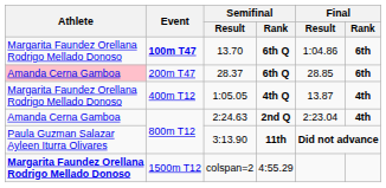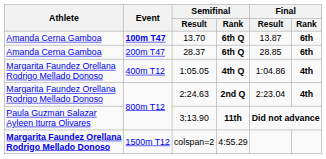 <table class=wikitable style="font-size:90%">
 <tr>
 <th rowspan="2">Athlete</th>
 <th rowspan="2">Event</th>
 <th colspan="2">Semifinal</th>
 <th colspan="2">Final</th>
 </tr>
 <tr style="font-size:95%">
 <th>Result</th>
 <th>Rank</th>
 <th>Result</th>
 <th>Rank</th>
 </tr>
 <tr align=center>
-<td align=left><a href='#'>Margarita Faundez Orellana</a><br><a href='#'>Rodrigo Mellado Donoso</a></td>
+<td align=left><a href='#'>Amanda Cerna Gamboa</a></td>
 <td align=left><strong><a href='#'>100m T47</a></strong></td>
 <td>13.70</td>
 <td><strong>6th Q</strong></td>
-<td>1:04.86</td>
+<td>13.87</td>
 <td><strong>6th</strong></td>
 </tr>
 <tr align=center>
-<td align=left style="background: pink;"><a href='#'>Amanda Cerna Gamboa</a></td>
+<td align=left><a href='#'>Amanda Cerna Gamboa</a></td>
 <td align=left><a href='#'>200m T47</a></td>
 <td>28.37</td>
 <td><strong>6th Q</strong></td>
 <td>28.85</td>
 <td><strong>6th</strong></td>
 </tr>
 <tr align=center>
 <td align=left><a href='#'>Margarita Faundez Orellana</a><br><a href='#'>Rodrigo Mellado Donoso</a></td>
 <td align=left><a href='#'>400m T12</a></td>
 <td>1:05.05</td>
 <td><strong>4th Q</strong></td>
-<td>13.87</td>
+<td>1:04.86</td>
 <td><strong>4th</strong></td>
 </tr>
 <tr align=center>
-<td align=left><a href='#'>Amanda Cerna Gamboa</a></td>
+<td align=left><a href='#'>Margarita Faundez Orellana</a><br><a href='#'>Rodrigo Mellado Donoso</a></td>
 <td align=left rowspan=2><a href='#'>800m T12</a></td>
 <td>2:24.63</td>
 <td><strong>2nd Q</strong></td>
 <td>2:23.04</td>
 <td><strong>4th</strong></td>
 </tr>
 <tr align=center>
 <td align=left><a href='#'>Paula Guzman Salazar</a><br><a href='#'>Ayleen Iturra Olivares</a></td>
 <td>3:13.90</td>
 <td><strong>11th</strong></td>
 <td colspan=2><strong>Did not advance</strong></td>
 </tr>
 <tr align=center>
 <td align=left><strong><a href='#'>Margarita Faundez Orellana</a><br><a href='#'>Rodrigo Mellado Donoso</a></strong></td>
 <td align=left><a href='#'>1500m T12</a></td>
 <td>colspan=2 </td>
 <td>4:55.29</td>
 <td></td>
 </tr>
 </table>
